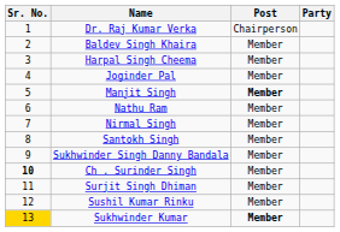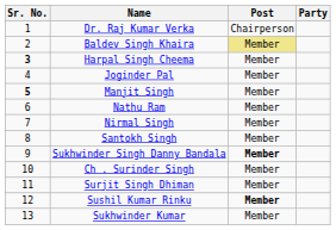 <table class="wikitable">
 <tr>
 <th>Sr. No.</th>
 <th>Name</th>
 <th>Post</th>
 <th colspan="2">Party</th>
 </tr>
 <tr align="center">
 <td>1</td>
 <td><a href='#'>Dr. Raj Kumar Verka</a></td>
 <td>Chairperson</td>
 <td></td>
 </tr>
 <tr align="center">
 <td>2</td>
 <td><a href='#'>Baldev Singh Khaira</a></td>
-<td>Member</td>
+<td style="background: khaki;">Member</td>
 <td></td>
 </tr>
 <tr align="center">
-<td>3</td>
+<td><strong>3</strong></td>
 <td><a href='#'>Harpal Singh Cheema</a></td>
 <td>Member</td>
 <td></td>
 </tr>
 <tr align="center">
 <td>4</td>
 <td><a href='#'>Joginder Pal</a></td>
 <td>Member</td>
 <td></td>
 </tr>
 <tr align="center">
-<td>5</td>
+<td><strong>5</strong></td>
 <td><a href='#'>Manjit Singh</a></td>
-<td><strong>Member</strong></td>
+<td>Member</td>
 <td></td>
 </tr>
 <tr align="center">
 <td>6</td>
 <td><a href='#'>Nathu Ram</a></td>
 <td>Member</td>
 <td></td>
 </tr>
 <tr align="center">
 <td>7</td>
 <td><a href='#'>Nirmal Singh</a></td>
 <td>Member</td>
 <td></td>
 </tr>
 <tr align="center">
 <td>8</td>
 <td><a href='#'>Santokh Singh</a></td>
 <td>Member</td>
 <td></td>
 </tr>
 <tr align="center">
 <td>9</td>
 <td><a href='#'>Sukhwinder Singh Danny Bandala</a></td>
-<td>Member</td>
+<td><strong>Member</strong></td>
 <td></td>
 </tr>
 <tr align="center">
-<td><strong>10</strong></td>
+<td>10</td>
 <td><a href='#'>Ch . Surinder Singh</a></td>
 <td>Member</td>
 <td></td>
 </tr>
 <tr align="center">
 <td>11</td>
 <td><a href='#'>Surjit Singh Dhiman</a></td>
 <td>Member</td>
 <td></td>
 </tr>
 <tr align="center">
 <td>12</td>
 <td><a href='#'>Sushil Kumar Rinku</a></td>
+<td><strong>Member</strong></td>
+<td></td>
+</tr>
+<tr align="center">
+<td>13</td>
+<td><a href='#'>Sukhwinder Kumar</a></td>
 <td>Member</td>
 <td></td>
 </tr>
-<tr align="center">
-<td style="background: gold;">13</td>
-<td><a href='#'>Sukhwinder Kumar</a></td>
-<td><strong>Member</strong></td>
-<td></td>
-</tr>
 </table>
